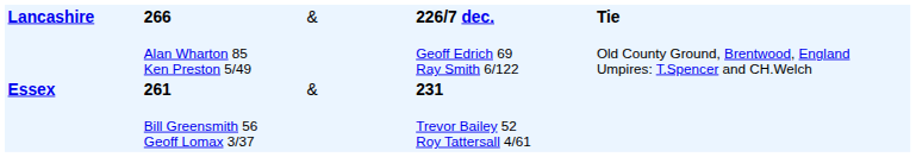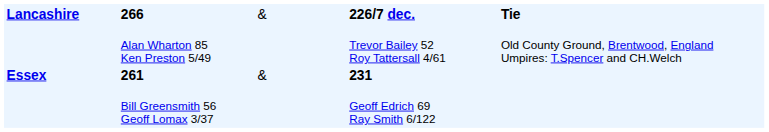 <table width="100%" style="background: #EBF5FF">
 <tr>
 <td width="15%" valign="top" rowspan="2"><strong><a href='#'>Lancashire</a></strong></td>
 <td width="18%"><strong>266</strong></td>
 <td width="12%">&</td>
 <td width="20%"><strong>226/7 <a href='#'>dec.</a></strong></td>
 <td width="35%"><strong>Tie</strong></td>
 </tr>
 <tr>
 <td style="font-size: 85%;" valign="top"><br><a href='#'>Alan Wharton</a> 85<br> <a href='#'>Ken Preston</a> 5/49</td>
 <td></td>
-<td style="font-size: 85%;"><br><a href='#'>Geoff Edrich</a> 69<br> <a href='#'>Ray Smith</a> 6/122</td>
+<td valign="top" style="font-size: 85%;"><br><a href='#'>Trevor Bailey</a> 52<br> <a href='#'>Roy Tattersall</a> 4/61</td>
 <td valign="top" style="font-size: 85%;" rowspan="3"><br>Old County Ground, <a href='#'>Brentwood</a>, <a href='#'>England</a><br> Umpires: <a href='#'>T.Spencer</a> and CH.Welch</td>
 </tr>
 <tr>
 <td valign="top" rowspan="2"><strong><a href='#'>Essex</a></strong></td>
 <td><strong>261</strong></td>
 <td>&</td>
 <td><strong>231</strong></td>
 </tr>
 <tr>
 <td style="font-size: 85%;"><br><a href='#'>Bill Greensmith</a> 56<br> <a href='#'>Geoff Lomax</a> 3/37</td>
 <td></td>
-<td valign="top" style="font-size: 85%;"><br><a href='#'>Trevor Bailey</a> 52<br> <a href='#'>Roy Tattersall</a> 4/61</td>
+<td style="font-size: 85%;"><br><a href='#'>Geoff Edrich</a> 69<br> <a href='#'>Ray Smith</a> 6/122</td>
 </tr>
 </table>
